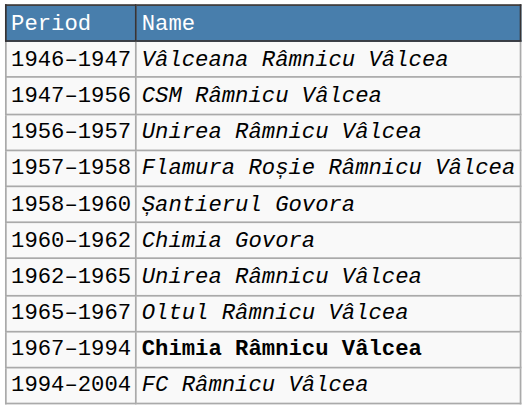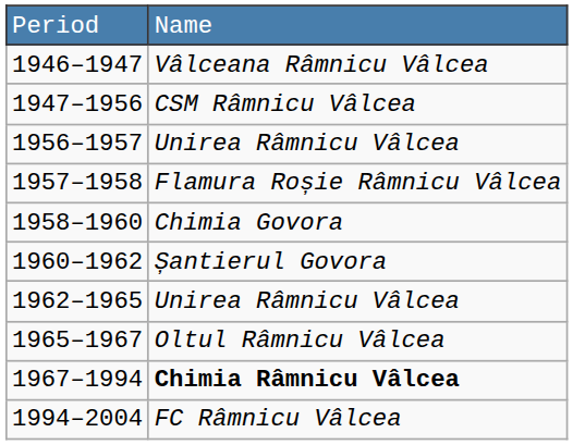 <table class="wikitable" style="text-align: left" align="right">
 <tr>
 <td style="background:#487EAC;color:white;border:1px solid #373435">Period</td>
 <td style="background:#487EAC;color:white;border:1px solid #373435">Name </td>
 </tr>
 <tr>
 <td>1946–1947</td>
 <td align=left><em>Vâlceana Râmnicu Vâlcea</em></td>
 </tr>
 <tr>
 <td>1947–1956</td>
 <td align=left><em>CSM Râmnicu Vâlcea</em></td>
 </tr>
 <tr>
 <td>1956–1957</td>
 <td align=left><em>Unirea Râmnicu Vâlcea</em></td>
 </tr>
 <tr>
 <td>1957–1958</td>
 <td align=left><em>Flamura Roșie Râmnicu Vâlcea</em></td>
 </tr>
 <tr>
 <td>1958–1960</td>
-<td align=left><em>Șantierul Govora</em></td>
+<td align=left><em>Chimia Govora</em></td>
 </tr>
 <tr>
 <td>1960–1962</td>
-<td align=left><em>Chimia Govora</em></td>
+<td align=left><em>Șantierul Govora</em></td>
 </tr>
 <tr>
 <td>1962–1965</td>
 <td align=left><em>Unirea Râmnicu Vâlcea</em></td>
 </tr>
 <tr>
 <td>1965–1967</td>
 <td align=left><em>Oltul Râmnicu Vâlcea</em></td>
 </tr>
 <tr>
 <td>1967–1994</td>
 <td align=left><strong>Chimia Râmnicu Vâlcea</strong></td>
 </tr>
 <tr>
 <td>1994–2004</td>
 <td align=left><em>FC Râmnicu Vâlcea</em></td>
 </tr>
 </table>
